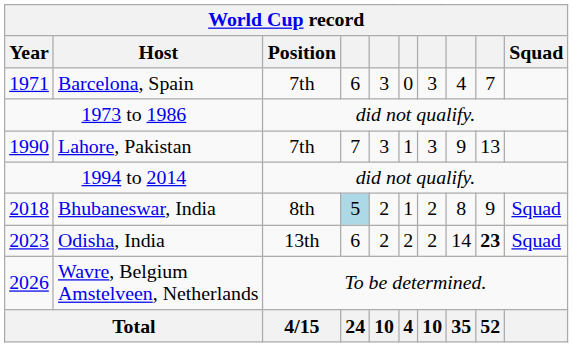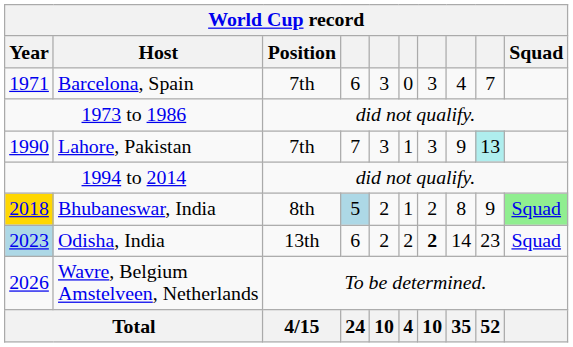 <table class="wikitable" style="text-align: center;">
 <tr>
 <th colspan=11><a href='#'>World Cup</a> record</th>
 </tr>
 <tr>
 <th>Year</th>
 <th>Host</th>
 <th>Position</th>
 <th></th>
 <th></th>
 <th></th>
 <th></th>
 <th></th>
 <th></th>
 <th>Squad</th>
 </tr>
 <tr>
 <td><a href='#'>1971</a></td>
 <td align=left> <a href='#'>Barcelona</a>, Spain</td>
 <td>7th</td>
 <td>6</td>
 <td>3</td>
 <td>0</td>
 <td>3</td>
 <td>4</td>
 <td>7</td>
 <td></td>
 </tr>
 <tr>
 <td colspan=2><a href='#'>1973</a> to <a href='#'>1986</a></td>
 <td colspan=8><em>did not qualify.</em></td>
 </tr>
 <tr>
 <td><a href='#'>1990</a></td>
 <td align=left> <a href='#'>Lahore</a>, Pakistan</td>
 <td>7th</td>
 <td>7</td>
 <td>3</td>
 <td>1</td>
 <td>3</td>
 <td>9</td>
-<td>13</td>
+<td style="background: paleturquoise;">13</td>
 <td></td>
 </tr>
 <tr>
 <td colspan=2><a href='#'>1994</a> to <a href='#'>2014</a></td>
 <td colspan=8><em>did not qualify.</em></td>
 </tr>
 <tr>
-<td><a href='#'>2018</a></td>
+<td style="background: gold;"><a href='#'>2018</a></td>
 <td align=left> <a href='#'>Bhubaneswar</a>, India</td>
 <td>8th</td>
 <td style="background: lightblue;">5</td>
 <td>2</td>
 <td>1</td>
 <td>2</td>
 <td>8</td>
 <td>9</td>
-<td><a href='#'>Squad</a></td>
+<td style="background: lightgreen;"><a href='#'>Squad</a></td>
 </tr>
 <tr>
-<td><a href='#'>2023</a></td>
+<td style="background: lightblue;"><a href='#'>2023</a></td>
 <td align=left> <a href='#'>Odisha</a>, India</td>
 <td>13th</td>
 <td>6</td>
 <td>2</td>
 <td>2</td>
-<td>2</td>
+<td><strong>2</strong></td>
 <td>14</td>
-<td><strong>23</strong></td>
+<td>23</td>
 <td><a href='#'>Squad</a></td>
 </tr>
 <tr>
 <td><a href='#'>2026</a></td>
 <td align=left> <a href='#'>Wavre</a>, Belgium<br> <a href='#'>Amstelveen</a>, Netherlands</td>
 <td colspan=8><em>To be determined.</em></td>
 </tr>
 <tr>
 <th colspan=2>Total</th>
 <th>4/15</th>
 <th>24</th>
 <th>10</th>
 <th>4</th>
 <th>10</th>
 <th>35</th>
 <th>52</th>
 <th></th>
 </tr>
 </table>
